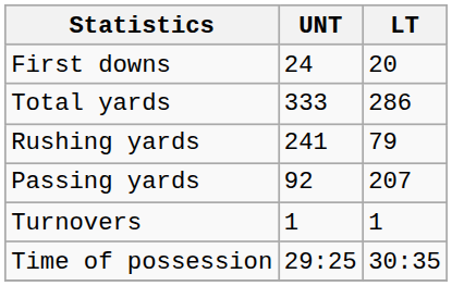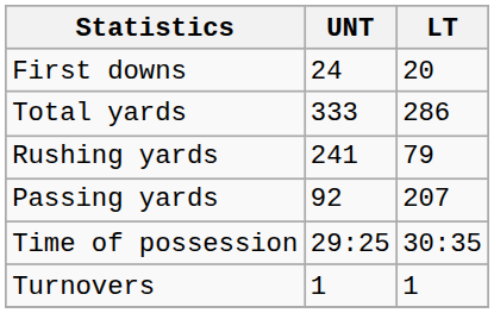 <table class="wikitable">
 <tr>
 <th>Statistics</th>
 <th>UNT</th>
 <th>LT</th>
 </tr>
 <tr>
 <td>First downs</td>
 <td>24</td>
 <td>20</td>
 </tr>
 <tr>
 <td>Total yards</td>
 <td>333</td>
 <td>286</td>
 </tr>
 <tr>
 <td>Rushing yards</td>
 <td>241</td>
 <td>79</td>
 </tr>
 <tr>
 <td>Passing yards</td>
 <td>92</td>
 <td>207</td>
 </tr>
 <tr>
+<td>Time of possession</td>
+<td>29:25</td>
+<td>30:35</td>
+</tr>
+<tr>
 <td>Turnovers</td>
 <td>1</td>
 <td>1</td>
 </tr>
 <tr>
-<td>Time of possession</td>
-<td>29:25</td>
-<td>30:35</td>
-</tr>
-<tr>
 </tr>
 </table>
